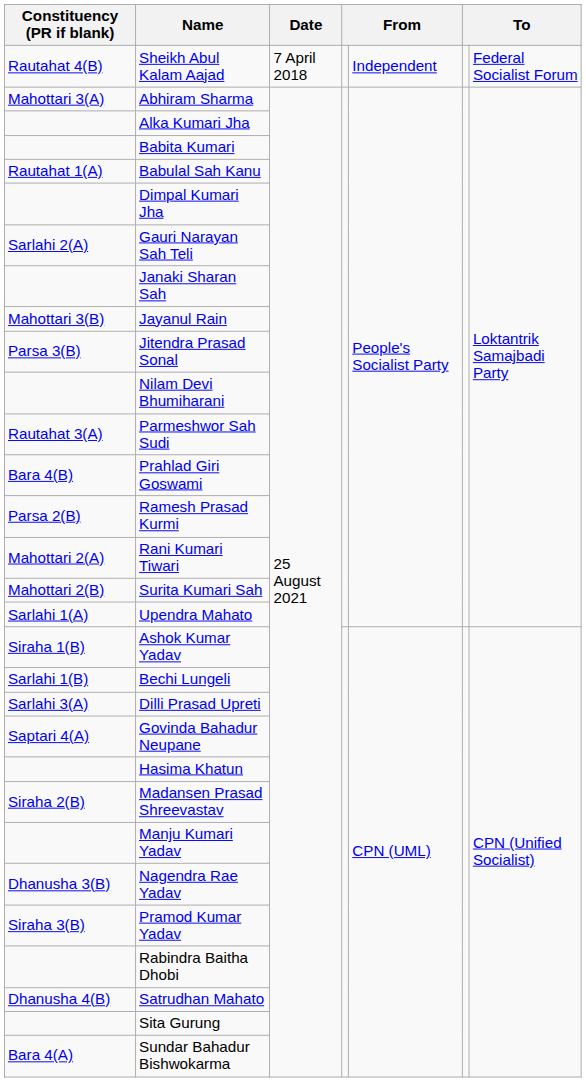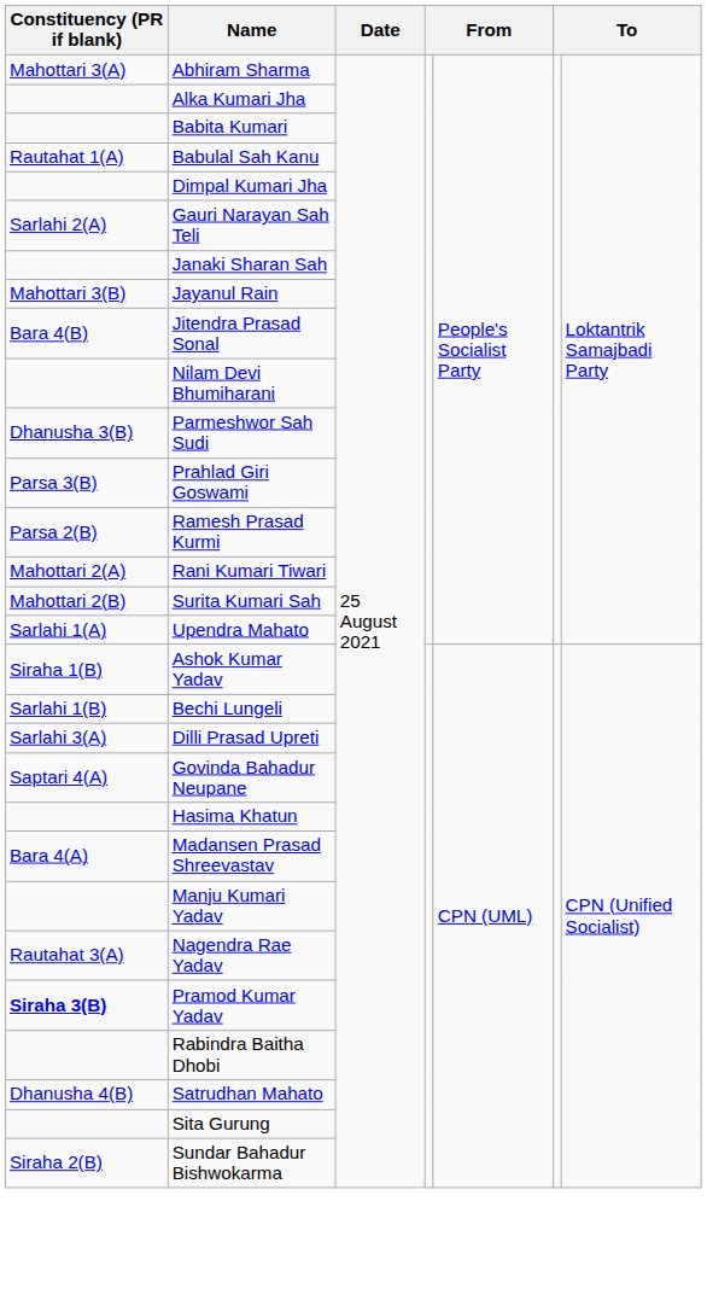 <table class="wikitable">
 <tr>
 <th>Constituency (PR if blank)</th>
 <th>Name</th>
 <th>Date</th>
 <th colspan="2">From</th>
 <th colspan="2">To</th>
-</tr>
-<tr>
-<td><a href='#'>Rautahat 4(B)</a></td>
-<td><a href='#'>Sheikh Abul Kalam Aajad</a></td>
-<td>7 April 2018</td>
-<td></td>
-<td><a href='#'>Independent</a></td>
-<td></td>
-<td><a href='#'>Federal Socialist Forum</a></td>
 </tr>
 <tr>
 <td><a href='#'>Mahottari 3(A)</a></td>
 <td><a href='#'>Abhiram Sharma</a></td>
 <td rowspan="29">25 August 2021</td>
 <td rowspan="16"></td>
 <td rowspan="16"><a href='#'>People's Socialist Party</a></td>
 <td rowspan="16"></td>
 <td rowspan="16"><a href='#'>Loktantrik Samajbadi Party</a></td>
 </tr>
 <tr>
 <td></td>
 <td><a href='#'>Alka Kumari Jha</a></td>
 </tr>
 <tr>
 <td></td>
 <td><a href='#'>Babita Kumari</a></td>
 </tr>
 <tr>
 <td><a href='#'>Rautahat 1(A)</a></td>
 <td><a href='#'>Babulal Sah Kanu</a></td>
 </tr>
 <tr>
 <td></td>
 <td><a href='#'>Dimpal Kumari Jha</a></td>
 </tr>
 <tr>
 <td><a href='#'>Sarlahi 2(A)</a></td>
 <td><a href='#'>Gauri Narayan Sah Teli</a></td>
 </tr>
 <tr>
 <td></td>
 <td><a href='#'>Janaki Sharan Sah</a></td>
 </tr>
 <tr>
 <td><a href='#'>Mahottari 3(B)</a></td>
 <td><a href='#'>Jayanul Rain</a></td>
 </tr>
 <tr>
-<td><a href='#'>Parsa 3(B)</a></td>
+<td><a href='#'>Bara 4(B)</a></td>
 <td><a href='#'>Jitendra Prasad Sonal</a></td>
 </tr>
 <tr>
 <td></td>
 <td><a href='#'>Nilam Devi Bhumiharani</a></td>
 </tr>
 <tr>
-<td><a href='#'>Rautahat 3(A)</a></td>
+<td><a href='#'>Dhanusha 3(B)</a></td>
 <td><a href='#'>Parmeshwor Sah Sudi</a></td>
 </tr>
 <tr>
-<td><a href='#'>Bara 4(B)</a></td>
+<td><a href='#'>Parsa 3(B)</a></td>
 <td><a href='#'>Prahlad Giri Goswami</a></td>
 </tr>
 <tr>
 <td><a href='#'>Parsa 2(B)</a></td>
 <td><a href='#'>Ramesh Prasad Kurmi</a></td>
 </tr>
 <tr>
 <td><a href='#'>Mahottari 2(A)</a></td>
 <td><a href='#'>Rani Kumari Tiwari</a></td>
 </tr>
 <tr>
 <td><a href='#'>Mahottari 2(B)</a></td>
 <td><a href='#'>Surita Kumari Sah</a></td>
 </tr>
 <tr>
 <td><a href='#'>Sarlahi 1(A)</a></td>
 <td><a href='#'>Upendra Mahato</a></td>
 </tr>
 <tr>
 <td><a href='#'>Siraha 1(B)</a></td>
 <td><a href='#'>Ashok Kumar Yadav</a></td>
 <td rowspan="13"></td>
 <td rowspan="13"><a href='#'>CPN (UML)</a></td>
 <td rowspan="13"></td>
 <td rowspan="13"><a href='#'>CPN (Unified Socialist)</a></td>
 </tr>
 <tr>
 <td><a href='#'>Sarlahi 1(B)</a></td>
 <td><a href='#'>Bechi Lungeli</a></td>
 </tr>
 <tr>
 <td><a href='#'>Sarlahi 3(A)</a></td>
 <td><a href='#'>Dilli Prasad Upreti</a></td>
 </tr>
 <tr>
 <td><a href='#'>Saptari 4(A)</a></td>
 <td><a href='#'>Govinda Bahadur Neupane</a></td>
 </tr>
 <tr>
 <td></td>
 <td><a href='#'>Hasima Khatun</a></td>
 </tr>
 <tr>
-<td><a href='#'>Siraha 2(B)</a></td>
+<td><a href='#'>Bara 4(A)</a></td>
 <td><a href='#'>Madansen Prasad Shreevastav</a></td>
 </tr>
 <tr>
 <td></td>
 <td><a href='#'>Manju Kumari Yadav</a></td>
 </tr>
 <tr>
-<td><a href='#'>Dhanusha 3(B)</a></td>
+<td><a href='#'>Rautahat 3(A)</a></td>
 <td><a href='#'>Nagendra Rae Yadav</a></td>
 </tr>
 <tr>
-<td><a href='#'>Siraha 3(B)</a></td>
+<td><strong><a href='#'>Siraha 3(B)</a></strong></td>
 <td><a href='#'>Pramod Kumar Yadav</a></td>
 </tr>
 <tr>
 <td></td>
 <td>Rabindra Baitha Dhobi</td>
 </tr>
 <tr>
 <td><a href='#'>Dhanusha 4(B)</a></td>
 <td><a href='#'>Satrudhan Mahato</a></td>
 </tr>
 <tr>
 <td></td>
 <td>Sita Gurung</td>
 </tr>
 <tr>
-<td><a href='#'>Bara 4(A)</a></td>
+<td><a href='#'>Siraha 2(B)</a></td>
 <td>Sundar Bahadur Bishwokarma</td>
 </tr>
 </table>
